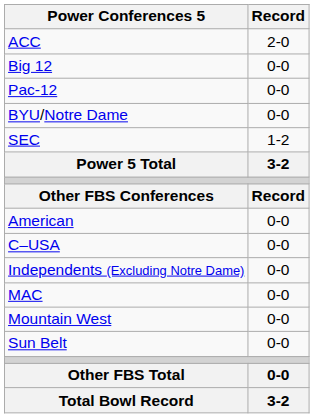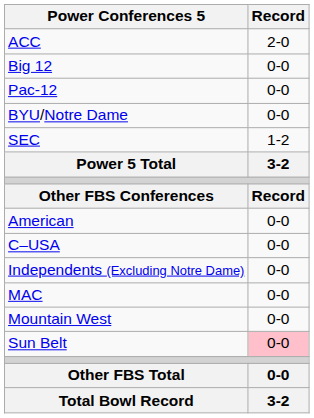 <table class="wikitable">
 <tr>
 <th>Power Conferences 5</th>
 <th>Record</th>
 </tr>
 <tr>
 <td><a href='#'>ACC</a></td>
 <td align=center>2-0</td>
 </tr>
 <tr>
 <td><a href='#'>Big 12</a></td>
 <td align=center>0-0</td>
 </tr>
 <tr>
 <td><a href='#'>Pac-12</a></td>
 <td align=center>0-0</td>
 </tr>
 <tr>
 <td><a href='#'>BYU</a>/<a href='#'>Notre Dame</a></td>
 <td align=center>0-0</td>
 </tr>
 <tr>
 <td><a href='#'>SEC</a></td>
 <td align=center>1-2</td>
 </tr>
 <tr>
 <th>Power 5 Total</th>
 <th>3-2</th>
 </tr>
 <tr>
 <th colspan="2" style="background:lightgrey;"></th>
 </tr>
 <tr>
 <th>Other FBS Conferences</th>
 <th>Record</th>
 </tr>
 <tr>
 <td><a href='#'>American</a></td>
 <td align=center>0-0</td>
 </tr>
 <tr>
 <td><a href='#'>C–USA</a></td>
 <td align=center>0-0</td>
 </tr>
 <tr>
 <td><a href='#'>Independents <small>(Excluding Notre Dame)</small></a></td>
 <td align=center>0-0</td>
 </tr>
 <tr>
 <td><a href='#'>MAC</a></td>
 <td align=center>0-0</td>
 </tr>
 <tr>
 <td><a href='#'>Mountain West</a></td>
 <td align=center>0-0</td>
 </tr>
 <tr>
 <td><a href='#'>Sun Belt</a></td>
-<td align=center>0-0</td>
+<td align=center style="background: pink;">0-0</td>
 </tr>
 <tr>
 <th colspan="2" style="background:lightgrey;"></th>
 </tr>
 <tr>
 <th>Other FBS Total</th>
 <th>0-0</th>
 </tr>
 <tr>
 <th>Total Bowl Record</th>
 <th>3-2</th>
 </tr>
 </table>
